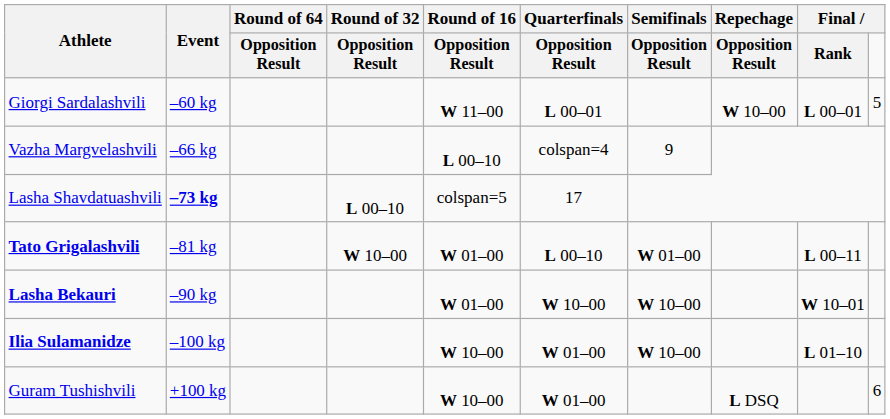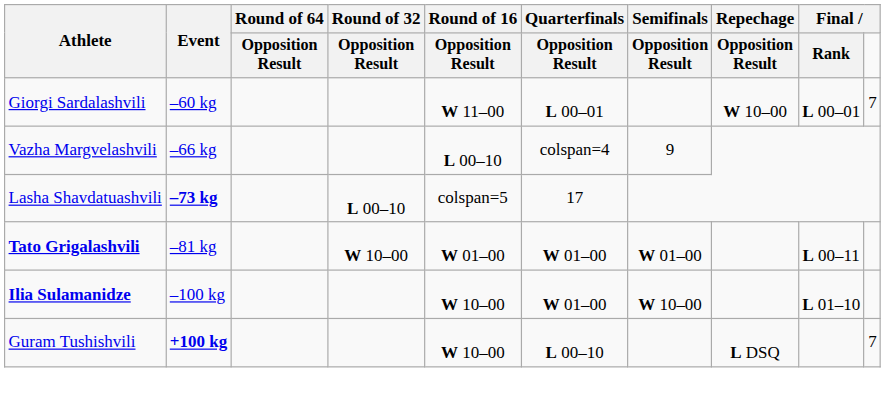 <table class=wikitable style=font-size:90%;>
 <tr>
 <th rowspan=2>Athlete</th>
 <th rowspan=2>Event</th>
 <th>Round of 64</th>
 <th>Round of 32</th>
 <th>Round of 16</th>
 <th>Quarterfinals</th>
 <th>Semifinals</th>
 <th>Repechage</th>
 <th colspan=2>Final / </th>
 </tr>
 <tr style=font-size:95%>
 <th>Opposition<br>Result</th>
 <th>Opposition<br>Result</th>
 <th>Opposition<br>Result</th>
 <th>Opposition<br>Result</th>
 <th>Opposition<br>Result</th>
 <th>Opposition<br>Result</th>
 <th>Rank</th>
 </tr>
 <tr align=center>
 <td align=left><a href='#'>Giorgi Sardalashvili</a></td>
 <td align=left><a href='#'>–60 kg</a></td>
 <td></td>
 <td></td>
 <td><br><strong>W</strong> 11–00</td>
 <td><br><strong>L</strong> 00–01</td>
 <td></td>
 <td><br><strong>W</strong> 10–00</td>
 <td><br><strong>L</strong> 00–01</td>
-<td>5</td>
+<td>7</td>
 </tr>
 <tr align=center>
 <td align=left><a href='#'>Vazha Margvelashvili</a></td>
 <td align=left><a href='#'>–66 kg</a></td>
 <td></td>
 <td></td>
 <td><br><strong>L</strong> 00–10</td>
 <td>colspan=4</td>
 <td>9</td>
 </tr>
 <tr align=center>
 <td align=left><a href='#'>Lasha Shavdatuashvili</a></td>
 <td align=left><strong><a href='#'>–73 kg</a></strong></td>
 <td></td>
 <td><br><strong>L</strong> 00–10</td>
 <td>colspan=5</td>
 <td>17</td>
 </tr>
 <tr align=center>
 <td align=left><strong><a href='#'>Tato Grigalashvili</a></strong></td>
 <td align=left><a href='#'>–81 kg</a></td>
 <td></td>
 <td><br><strong>W</strong> 10–00</td>
 <td><br><strong>W</strong> 01–00</td>
-<td><br><strong>L</strong> 00–10</td>
+<td><br><strong>W</strong> 01–00</td>
 <td><br><strong>W</strong> 01–00</td>
 <td></td>
 <td><br><strong>L</strong> 00–11</td>
-<td></td>
-</tr>
-<tr align=center>
-<td align=left><strong><a href='#'>Lasha Bekauri</a></strong></td>
-<td align=left><a href='#'>–90 kg</a></td>
-<td></td>
-<td></td>
-<td><br><strong>W</strong> 01–00</td>
-<td><br><strong>W</strong> 10–00</td>
-<td><br><strong>W</strong> 10–00</td>
-<td></td>
-<td><br><strong>W</strong> 10–01</td>
 <td></td>
 </tr>
 <tr align=center>
 <td align=left><strong><a href='#'>Ilia Sulamanidze</a></strong></td>
 <td align=left><a href='#'>–100 kg</a></td>
 <td></td>
 <td></td>
 <td><br><strong>W</strong> 10–00</td>
 <td><br><strong>W</strong> 01–00</td>
 <td><br><strong>W</strong> 10–00</td>
 <td></td>
 <td><br><strong>L</strong> 01–10</td>
 <td></td>
 </tr>
 <tr align=center>
 <td align=left><a href='#'>Guram Tushishvili</a></td>
-<td align=left><a href='#'>+100 kg</a></td>
+<td align=left><strong><a href='#'>+100 kg</a></strong></td>
 <td></td>
 <td></td>
 <td><br><strong>W</strong> 10–00</td>
-<td><br><strong>W</strong> 01–00</td>
+<td><br><strong>L</strong> 00–10</td>
 <td></td>
 <td><br><strong>L</strong> DSQ</td>
 <td></td>
-<td>6</td>
+<td>7</td>
 </tr>
 </table>
